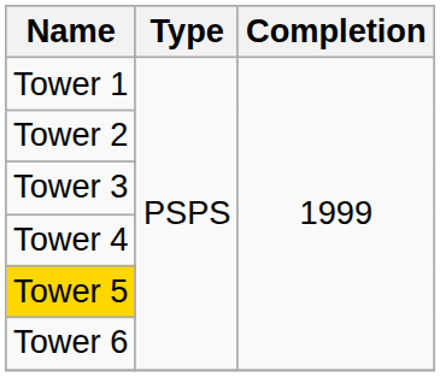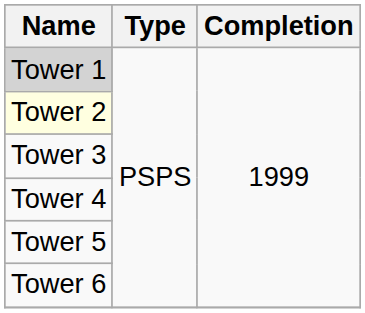 <table class="wikitable" style="text-align: center">
 <tr>
 <th>Name</th>
 <th>Type</th>
 <th>Completion</th>
 </tr>
 <tr>
-<td>Tower 1</td>
+<td style="background: lightgrey;">Tower 1</td>
 <td rowspan="6">PSPS</td>
 <td rowspan="6">1999</td>
 </tr>
 <tr>
-<td>Tower 2</td>
+<td style="background: lightyellow;">Tower 2</td>
 </tr>
 <tr>
 <td>Tower 3</td>
 </tr>
 <tr>
 <td>Tower 4</td>
 </tr>
 <tr>
-<td style="background: gold;">Tower 5</td>
+<td>Tower 5</td>
 </tr>
 <tr>
 <td>Tower 6</td>
 </tr>
 <tr>
 </tr>
 </table>
